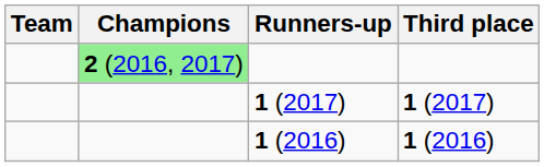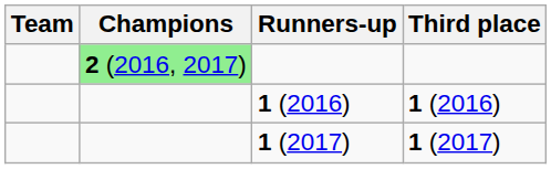 <table class="wikitable sortable">
 <tr>
 <th>Team</th>
 <th>Champions</th>
 <th>Runners-up</th>
 <th>Third place</th>
 </tr>
 <tr>
 <td><strong></strong></td>
 <td style="background: lightgreen;"><strong>2</strong> (<a href='#'>2016</a>, <a href='#'>2017</a>)</td>
 <td></td>
 <td></td>
 </tr>
 <tr>
 <td><strong></strong></td>
 <td></td>
-<td><strong>1</strong> (<a href='#'>2017</a>)</td>
-<td><strong>1</strong> (<a href='#'>2017</a>)</td>
+<td><strong>1</strong> (<a href='#'>2016</a>)</td>
+<td><strong>1</strong> (<a href='#'>2016</a>)</td>
 </tr>
 <tr>
 <td><strong></strong></td>
 <td></td>
-<td><strong>1</strong> (<a href='#'>2016</a>)</td>
-<td><strong>1</strong> (<a href='#'>2016</a>)</td>
+<td><strong>1</strong> (<a href='#'>2017</a>)</td>
+<td><strong>1</strong> (<a href='#'>2017</a>)</td>
 </tr>
 </table>
